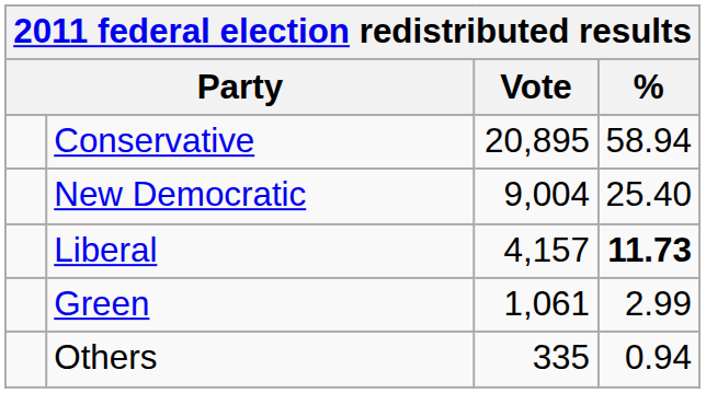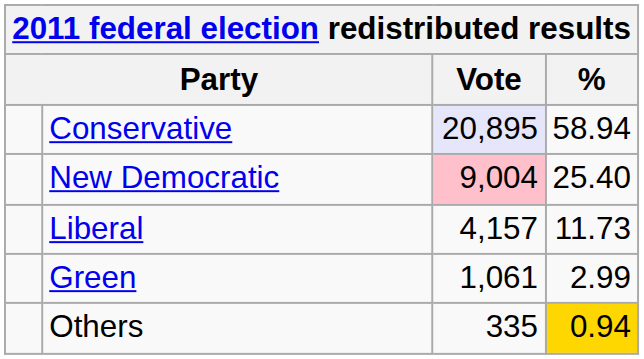 <table class="wikitable">
 <tr>
 <th colspan="4"><a href='#'>2011 federal election</a> redistributed results</th>
 </tr>
 <tr>
 <th width="130" bgcolor="#ddddff" colspan="2">Party</th>
 <th width="50" bgcolor="#ddddff">Vote</th>
 <th width="30" bgcolor="#ddddff">%</th>
 </tr>
 <tr>
 <td> </td>
 <td><a href='#'>Conservative</a></td>
-<td align=right>20,895</td>
+<td align=right style="background: lavender;">20,895</td>
 <td align=right>58.94</td>
 </tr>
 <tr>
 <td> </td>
 <td><a href='#'>New Democratic</a></td>
-<td align=right>9,004</td>
+<td align=right style="background: pink;">9,004</td>
 <td align=right>25.40</td>
 </tr>
 <tr>
 <td> </td>
 <td><a href='#'>Liberal</a></td>
 <td align=right>4,157</td>
-<td align=right><strong>11.73</strong></td>
+<td align=right>11.73</td>
 </tr>
 <tr>
 <td> </td>
 <td><a href='#'>Green</a></td>
 <td align=right>1,061</td>
 <td align=right>2.99</td>
 </tr>
 <tr>
 <td> </td>
 <td>Others</td>
 <td align=right>335</td>
-<td align=right>0.94</td>
+<td align=right style="background: gold;">0.94</td>
 </tr>
 </table>
